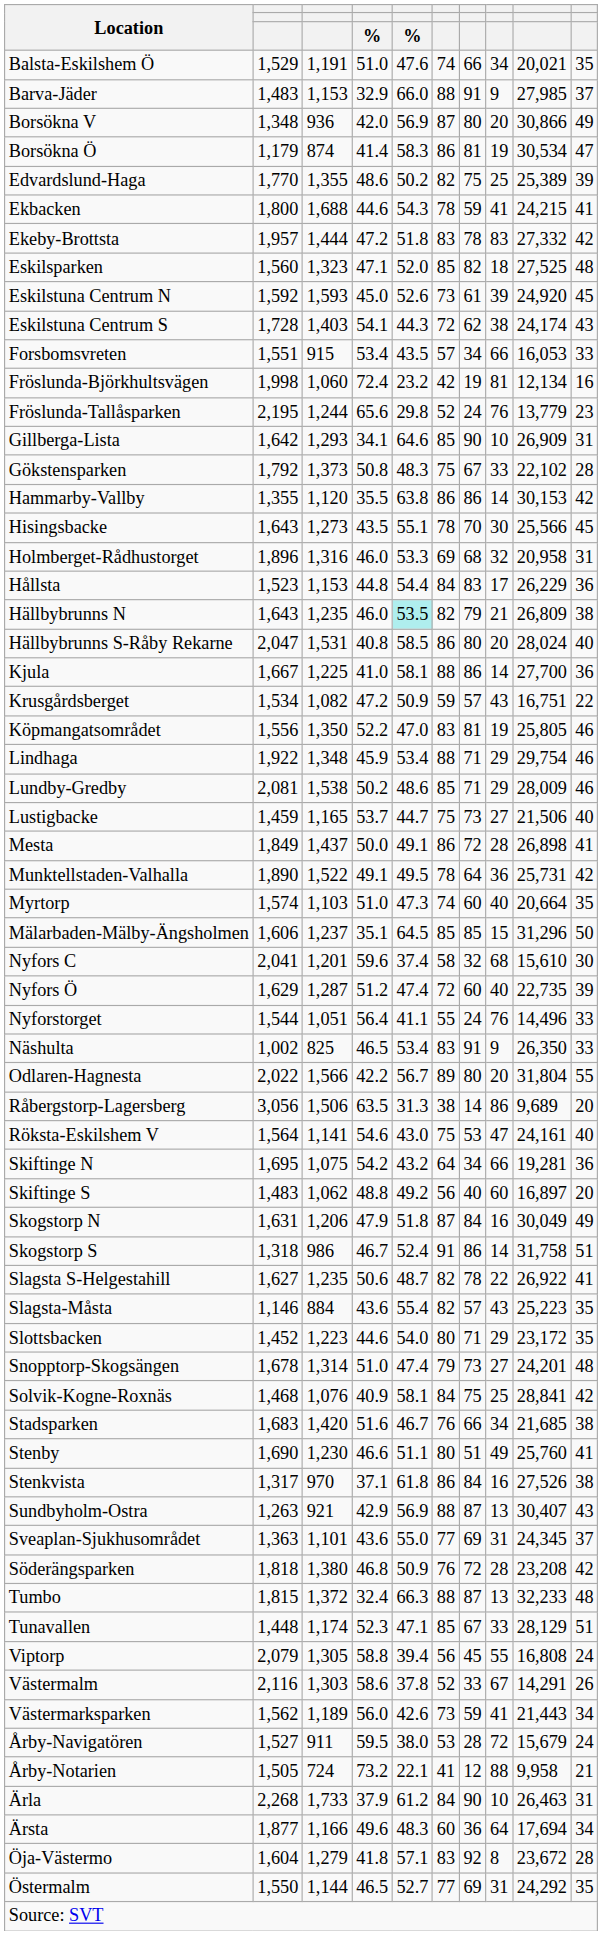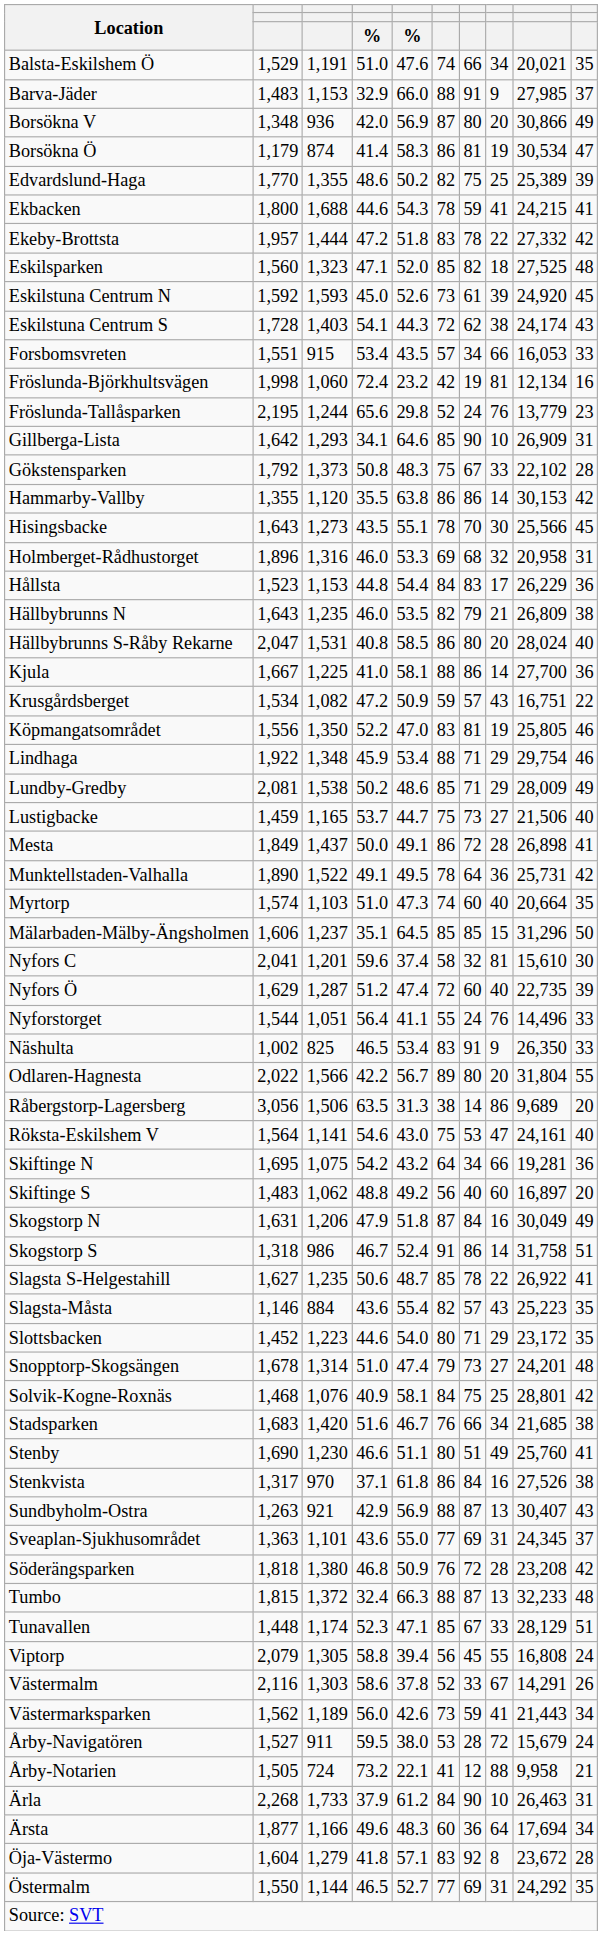 <table role="presentation" class="wikitable sortable mw-collapsible mw-collapsed">
 <tr>
 <th rowspan="3">Location</th>
 <th></th>
 <th></th>
 <th></th>
 <th></th>
 <th></th>
 <th></th>
 <th></th>
 <th></th>
 <th></th>
 </tr>
 <tr>
 <th></th>
 <th></th>
 <th style="background:"></th>
 <th style="background:"></th>
 <th></th>
 <th></th>
 <th></th>
 <th></th>
 <th></th>
 </tr>
 <tr>
 <th data-sort-type="number"></th>
 <th data-sort-type="number"></th>
 <th data-sort-type="number">%</th>
 <th data-sort-type="number">%</th>
 <th data-sort-type="number"></th>
 <th data-sort-type="number"></th>
 <th data-sort-type="number"></th>
 <th data-sort-type="number"></th>
 <th data-sort-type="number"></th>
 </tr>
 <tr>
 <td align="left">Balsta-Eskilshem Ö</td>
 <td>1,529</td>
 <td>1,191</td>
 <td>51.0</td>
 <td>47.6</td>
 <td>74</td>
 <td>66</td>
 <td>34</td>
 <td>20,021</td>
 <td>35</td>
 </tr>
 <tr>
 <td align="left">Barva-Jäder</td>
 <td>1,483</td>
 <td>1,153</td>
 <td>32.9</td>
 <td>66.0</td>
 <td>88</td>
 <td>91</td>
 <td>9</td>
 <td>27,985</td>
 <td>37</td>
 </tr>
 <tr>
 <td align="left">Borsökna V</td>
 <td>1,348</td>
 <td>936</td>
 <td>42.0</td>
 <td>56.9</td>
 <td>87</td>
 <td>80</td>
 <td>20</td>
 <td>30,866</td>
 <td>49</td>
 </tr>
 <tr>
 <td align="left">Borsökna Ö</td>
 <td>1,179</td>
 <td>874</td>
 <td>41.4</td>
 <td>58.3</td>
 <td>86</td>
 <td>81</td>
 <td>19</td>
 <td>30,534</td>
 <td>47</td>
 </tr>
 <tr>
 <td align="left">Edvardslund-Haga</td>
 <td>1,770</td>
 <td>1,355</td>
 <td>48.6</td>
 <td>50.2</td>
 <td>82</td>
 <td>75</td>
 <td>25</td>
 <td>25,389</td>
 <td>39</td>
 </tr>
 <tr>
 <td align="left">Ekbacken</td>
 <td>1,800</td>
 <td>1,688</td>
 <td>44.6</td>
 <td>54.3</td>
 <td>78</td>
 <td>59</td>
 <td>41</td>
 <td>24,215</td>
 <td>41</td>
 </tr>
 <tr>
 <td align="left">Ekeby-Brottsta</td>
 <td>1,957</td>
 <td>1,444</td>
 <td>47.2</td>
 <td>51.8</td>
 <td>83</td>
 <td>78</td>
-<td>83</td>
+<td>22</td>
 <td>27,332</td>
 <td>42</td>
 </tr>
 <tr>
 <td align="left">Eskilsparken</td>
 <td>1,560</td>
 <td>1,323</td>
 <td>47.1</td>
 <td>52.0</td>
 <td>85</td>
 <td>82</td>
 <td>18</td>
 <td>27,525</td>
 <td>48</td>
 </tr>
 <tr>
 <td align="left">Eskilstuna Centrum N</td>
 <td>1,592</td>
 <td>1,593</td>
 <td>45.0</td>
 <td>52.6</td>
 <td>73</td>
 <td>61</td>
 <td>39</td>
 <td>24,920</td>
 <td>45</td>
 </tr>
 <tr>
 <td align="left">Eskilstuna Centrum S</td>
 <td>1,728</td>
 <td>1,403</td>
 <td>54.1</td>
 <td>44.3</td>
 <td>72</td>
 <td>62</td>
 <td>38</td>
 <td>24,174</td>
 <td>43</td>
 </tr>
 <tr>
 <td align="left">Forsbomsvreten</td>
 <td>1,551</td>
 <td>915</td>
 <td>53.4</td>
 <td>43.5</td>
 <td>57</td>
 <td>34</td>
 <td>66</td>
 <td>16,053</td>
 <td>33</td>
 </tr>
 <tr>
 <td align="left">Fröslunda-Björkhultsvägen</td>
 <td>1,998</td>
 <td>1,060</td>
 <td>72.4</td>
 <td>23.2</td>
 <td>42</td>
 <td>19</td>
 <td>81</td>
 <td>12,134</td>
 <td>16</td>
 </tr>
 <tr>
 <td align="left">Fröslunda-Tallåsparken</td>
 <td>2,195</td>
 <td>1,244</td>
 <td>65.6</td>
 <td>29.8</td>
 <td>52</td>
 <td>24</td>
 <td>76</td>
 <td>13,779</td>
 <td>23</td>
 </tr>
 <tr>
 <td align="left">Gillberga-Lista</td>
 <td>1,642</td>
 <td>1,293</td>
 <td>34.1</td>
 <td>64.6</td>
 <td>85</td>
 <td>90</td>
 <td>10</td>
 <td>26,909</td>
 <td>31</td>
 </tr>
 <tr>
 <td align="left">Gökstensparken</td>
 <td>1,792</td>
 <td>1,373</td>
 <td>50.8</td>
 <td>48.3</td>
 <td>75</td>
 <td>67</td>
 <td>33</td>
 <td>22,102</td>
 <td>28</td>
 </tr>
 <tr>
 <td align="left">Hammarby-Vallby</td>
 <td>1,355</td>
 <td>1,120</td>
 <td>35.5</td>
 <td>63.8</td>
 <td>86</td>
 <td>86</td>
 <td>14</td>
 <td>30,153</td>
 <td>42</td>
 </tr>
 <tr>
 <td align="left">Hisingsbacke</td>
 <td>1,643</td>
 <td>1,273</td>
 <td>43.5</td>
 <td>55.1</td>
 <td>78</td>
 <td>70</td>
 <td>30</td>
 <td>25,566</td>
 <td>45</td>
 </tr>
 <tr>
 <td align="left">Holmberget-Rådhustorget</td>
 <td>1,896</td>
 <td>1,316</td>
 <td>46.0</td>
 <td>53.3</td>
 <td>69</td>
 <td>68</td>
 <td>32</td>
 <td>20,958</td>
 <td>31</td>
 </tr>
 <tr>
 <td align="left">Hållsta</td>
 <td>1,523</td>
 <td>1,153</td>
 <td>44.8</td>
 <td>54.4</td>
 <td>84</td>
 <td>83</td>
 <td>17</td>
 <td>26,229</td>
 <td>36</td>
 </tr>
 <tr>
 <td align="left">Hällbybrunns N</td>
 <td>1,643</td>
 <td>1,235</td>
 <td>46.0</td>
-<td style="background: paleturquoise;">53.5</td>
+<td>53.5</td>
 <td>82</td>
 <td>79</td>
 <td>21</td>
 <td>26,809</td>
 <td>38</td>
 </tr>
 <tr>
 <td align="left">Hällbybrunns S-Råby Rekarne</td>
 <td>2,047</td>
 <td>1,531</td>
 <td>40.8</td>
 <td>58.5</td>
 <td>86</td>
 <td>80</td>
 <td>20</td>
 <td>28,024</td>
 <td>40</td>
 </tr>
 <tr>
 <td align="left">Kjula</td>
 <td>1,667</td>
 <td>1,225</td>
 <td>41.0</td>
 <td>58.1</td>
 <td>88</td>
 <td>86</td>
 <td>14</td>
 <td>27,700</td>
 <td>36</td>
 </tr>
 <tr>
 <td align="left">Krusgårdsberget</td>
 <td>1,534</td>
 <td>1,082</td>
 <td>47.2</td>
 <td>50.9</td>
 <td>59</td>
 <td>57</td>
 <td>43</td>
 <td>16,751</td>
 <td>22</td>
 </tr>
 <tr>
 <td align="left">Köpmangatsområdet</td>
 <td>1,556</td>
 <td>1,350</td>
 <td>52.2</td>
 <td>47.0</td>
 <td>83</td>
 <td>81</td>
 <td>19</td>
 <td>25,805</td>
 <td>46</td>
 </tr>
 <tr>
 <td align="left">Lindhaga</td>
 <td>1,922</td>
 <td>1,348</td>
 <td>45.9</td>
 <td>53.4</td>
 <td>88</td>
 <td>71</td>
 <td>29</td>
 <td>29,754</td>
 <td>46</td>
 </tr>
 <tr>
 <td align="left">Lundby-Gredby</td>
 <td>2,081</td>
 <td>1,538</td>
 <td>50.2</td>
 <td>48.6</td>
 <td>85</td>
 <td>71</td>
 <td>29</td>
 <td>28,009</td>
-<td>46</td>
+<td>49</td>
 </tr>
 <tr>
 <td align="left">Lustigbacke</td>
 <td>1,459</td>
 <td>1,165</td>
 <td>53.7</td>
 <td>44.7</td>
 <td>75</td>
 <td>73</td>
 <td>27</td>
 <td>21,506</td>
 <td>40</td>
 </tr>
 <tr>
 <td align="left">Mesta</td>
 <td>1,849</td>
 <td>1,437</td>
 <td>50.0</td>
 <td>49.1</td>
 <td>86</td>
 <td>72</td>
 <td>28</td>
 <td>26,898</td>
 <td>41</td>
 </tr>
 <tr>
 <td align="left">Munktellstaden-Valhalla</td>
 <td>1,890</td>
 <td>1,522</td>
 <td>49.1</td>
 <td>49.5</td>
 <td>78</td>
 <td>64</td>
 <td>36</td>
 <td>25,731</td>
 <td>42</td>
 </tr>
 <tr>
 <td align="left">Myrtorp</td>
 <td>1,574</td>
 <td>1,103</td>
 <td>51.0</td>
 <td>47.3</td>
 <td>74</td>
 <td>60</td>
 <td>40</td>
 <td>20,664</td>
 <td>35</td>
 </tr>
 <tr>
 <td align="left">Mälarbaden-Mälby-Ängsholmen</td>
 <td>1,606</td>
 <td>1,237</td>
 <td>35.1</td>
 <td>64.5</td>
 <td>85</td>
 <td>85</td>
 <td>15</td>
 <td>31,296</td>
 <td>50</td>
 </tr>
 <tr>
 <td align="left">Nyfors C</td>
 <td>2,041</td>
 <td>1,201</td>
 <td>59.6</td>
 <td>37.4</td>
 <td>58</td>
 <td>32</td>
-<td>68</td>
+<td>81</td>
 <td>15,610</td>
 <td>30</td>
 </tr>
 <tr>
 <td align="left">Nyfors Ö</td>
 <td>1,629</td>
 <td>1,287</td>
 <td>51.2</td>
 <td>47.4</td>
 <td>72</td>
 <td>60</td>
 <td>40</td>
 <td>22,735</td>
 <td>39</td>
 </tr>
 <tr>
 <td align="left">Nyforstorget</td>
 <td>1,544</td>
 <td>1,051</td>
 <td>56.4</td>
 <td>41.1</td>
 <td>55</td>
 <td>24</td>
 <td>76</td>
 <td>14,496</td>
 <td>33</td>
 </tr>
 <tr>
 <td align="left">Näshulta</td>
 <td>1,002</td>
 <td>825</td>
 <td>46.5</td>
 <td>53.4</td>
 <td>83</td>
 <td>91</td>
 <td>9</td>
 <td>26,350</td>
 <td>33</td>
 </tr>
 <tr>
 <td align="left">Odlaren-Hagnesta</td>
 <td>2,022</td>
 <td>1,566</td>
 <td>42.2</td>
 <td>56.7</td>
 <td>89</td>
 <td>80</td>
 <td>20</td>
 <td>31,804</td>
 <td>55</td>
 </tr>
 <tr>
 <td align="left">Råbergstorp-Lagersberg</td>
 <td>3,056</td>
 <td>1,506</td>
 <td>63.5</td>
 <td>31.3</td>
 <td>38</td>
 <td>14</td>
 <td>86</td>
 <td>9,689</td>
 <td>20</td>
 </tr>
 <tr>
 <td align="left">Röksta-Eskilshem V</td>
 <td>1,564</td>
 <td>1,141</td>
 <td>54.6</td>
 <td>43.0</td>
 <td>75</td>
 <td>53</td>
 <td>47</td>
 <td>24,161</td>
 <td>40</td>
 </tr>
 <tr>
 <td align="left">Skiftinge N</td>
 <td>1,695</td>
 <td>1,075</td>
 <td>54.2</td>
 <td>43.2</td>
 <td>64</td>
 <td>34</td>
 <td>66</td>
 <td>19,281</td>
 <td>36</td>
 </tr>
 <tr>
 <td align="left">Skiftinge S</td>
 <td>1,483</td>
 <td>1,062</td>
 <td>48.8</td>
 <td>49.2</td>
 <td>56</td>
 <td>40</td>
 <td>60</td>
 <td>16,897</td>
 <td>20</td>
 </tr>
 <tr>
 <td align="left">Skogstorp N</td>
 <td>1,631</td>
 <td>1,206</td>
 <td>47.9</td>
 <td>51.8</td>
 <td>87</td>
 <td>84</td>
 <td>16</td>
 <td>30,049</td>
 <td>49</td>
 </tr>
 <tr>
 <td align="left">Skogstorp S</td>
 <td>1,318</td>
 <td>986</td>
 <td>46.7</td>
 <td>52.4</td>
 <td>91</td>
 <td>86</td>
 <td>14</td>
 <td>31,758</td>
 <td>51</td>
 </tr>
 <tr>
 <td align="left">Slagsta S-Helgestahill</td>
 <td>1,627</td>
 <td>1,235</td>
 <td>50.6</td>
 <td>48.7</td>
-<td>82</td>
+<td>85</td>
 <td>78</td>
 <td>22</td>
 <td>26,922</td>
 <td>41</td>
 </tr>
 <tr>
 <td align="left">Slagsta-Måsta</td>
 <td>1,146</td>
 <td>884</td>
 <td>43.6</td>
 <td>55.4</td>
 <td>82</td>
 <td>57</td>
 <td>43</td>
 <td>25,223</td>
 <td>35</td>
 </tr>
 <tr>
 <td align="left">Slottsbacken</td>
 <td>1,452</td>
 <td>1,223</td>
 <td>44.6</td>
 <td>54.0</td>
 <td>80</td>
 <td>71</td>
 <td>29</td>
 <td>23,172</td>
 <td>35</td>
 </tr>
 <tr>
 <td align="left">Snopptorp-Skogsängen</td>
 <td>1,678</td>
 <td>1,314</td>
 <td>51.0</td>
 <td>47.4</td>
 <td>79</td>
 <td>73</td>
 <td>27</td>
 <td>24,201</td>
 <td>48</td>
 </tr>
 <tr>
 <td align="left">Solvik-Kogne-Roxnäs</td>
 <td>1,468</td>
 <td>1,076</td>
 <td>40.9</td>
 <td>58.1</td>
 <td>84</td>
 <td>75</td>
 <td>25</td>
-<td>28,841</td>
+<td>28,801</td>
 <td>42</td>
 </tr>
 <tr>
 <td align="left">Stadsparken</td>
 <td>1,683</td>
 <td>1,420</td>
 <td>51.6</td>
 <td>46.7</td>
 <td>76</td>
 <td>66</td>
 <td>34</td>
 <td>21,685</td>
 <td>38</td>
 </tr>
 <tr>
 <td align="left">Stenby</td>
 <td>1,690</td>
 <td>1,230</td>
 <td>46.6</td>
 <td>51.1</td>
 <td>80</td>
 <td>51</td>
 <td>49</td>
 <td>25,760</td>
 <td>41</td>
 </tr>
 <tr>
 <td align="left">Stenkvista</td>
 <td>1,317</td>
 <td>970</td>
 <td>37.1</td>
 <td>61.8</td>
 <td>86</td>
 <td>84</td>
 <td>16</td>
 <td>27,526</td>
 <td>38</td>
 </tr>
 <tr>
 <td align="left">Sundbyholm-Ostra</td>
 <td>1,263</td>
 <td>921</td>
 <td>42.9</td>
 <td>56.9</td>
 <td>88</td>
 <td>87</td>
 <td>13</td>
 <td>30,407</td>
 <td>43</td>
 </tr>
 <tr>
 <td align="left">Sveaplan-Sjukhusområdet</td>
 <td>1,363</td>
 <td>1,101</td>
 <td>43.6</td>
 <td>55.0</td>
 <td>77</td>
 <td>69</td>
 <td>31</td>
 <td>24,345</td>
 <td>37</td>
 </tr>
 <tr>
 <td align="left">Söderängsparken</td>
 <td>1,818</td>
 <td>1,380</td>
 <td>46.8</td>
 <td>50.9</td>
 <td>76</td>
 <td>72</td>
 <td>28</td>
 <td>23,208</td>
 <td>42</td>
 </tr>
 <tr>
 <td align="left">Tumbo</td>
 <td>1,815</td>
 <td>1,372</td>
 <td>32.4</td>
 <td>66.3</td>
 <td>88</td>
 <td>87</td>
 <td>13</td>
 <td>32,233</td>
 <td>48</td>
 </tr>
 <tr>
 <td align="left">Tunavallen</td>
 <td>1,448</td>
 <td>1,174</td>
 <td>52.3</td>
 <td>47.1</td>
 <td>85</td>
 <td>67</td>
 <td>33</td>
 <td>28,129</td>
 <td>51</td>
 </tr>
 <tr>
 <td align="left">Viptorp</td>
 <td>2,079</td>
 <td>1,305</td>
 <td>58.8</td>
 <td>39.4</td>
 <td>56</td>
 <td>45</td>
 <td>55</td>
 <td>16,808</td>
 <td>24</td>
 </tr>
 <tr>
 <td align="left">Västermalm</td>
 <td>2,116</td>
 <td>1,303</td>
 <td>58.6</td>
 <td>37.8</td>
 <td>52</td>
 <td>33</td>
 <td>67</td>
 <td>14,291</td>
 <td>26</td>
 </tr>
 <tr>
 <td align="left">Västermarksparken</td>
 <td>1,562</td>
 <td>1,189</td>
 <td>56.0</td>
 <td>42.6</td>
 <td>73</td>
 <td>59</td>
 <td>41</td>
 <td>21,443</td>
 <td>34</td>
 </tr>
 <tr>
 <td align="left">Årby-Navigatören</td>
 <td>1,527</td>
 <td>911</td>
 <td>59.5</td>
 <td>38.0</td>
 <td>53</td>
 <td>28</td>
 <td>72</td>
 <td>15,679</td>
 <td>24</td>
 </tr>
 <tr>
 <td align="left">Årby-Notarien</td>
 <td>1,505</td>
 <td>724</td>
 <td>73.2</td>
 <td>22.1</td>
 <td>41</td>
 <td>12</td>
 <td>88</td>
 <td>9,958</td>
 <td>21</td>
 </tr>
 <tr>
 <td align="left">Ärla</td>
 <td>2,268</td>
 <td>1,733</td>
 <td>37.9</td>
 <td>61.2</td>
 <td>84</td>
 <td>90</td>
 <td>10</td>
 <td>26,463</td>
 <td>31</td>
 </tr>
 <tr>
 <td align="left">Ärsta</td>
 <td>1,877</td>
 <td>1,166</td>
 <td>49.6</td>
 <td>48.3</td>
 <td>60</td>
 <td>36</td>
 <td>64</td>
 <td>17,694</td>
 <td>34</td>
 </tr>
 <tr>
 <td align="left">Öja-Västermo</td>
 <td>1,604</td>
 <td>1,279</td>
 <td>41.8</td>
 <td>57.1</td>
 <td>83</td>
 <td>92</td>
 <td>8</td>
 <td>23,672</td>
 <td>28</td>
 </tr>
 <tr>
 <td align="left">Östermalm</td>
 <td>1,550</td>
 <td>1,144</td>
 <td>46.5</td>
 <td>52.7</td>
 <td>77</td>
 <td>69</td>
 <td>31</td>
 <td>24,292</td>
 <td>35</td>
 </tr>
 <tr>
 <td colspan="10" align="left">Source: <a href='#'>SVT</a></td>
 </tr>
 </table>
